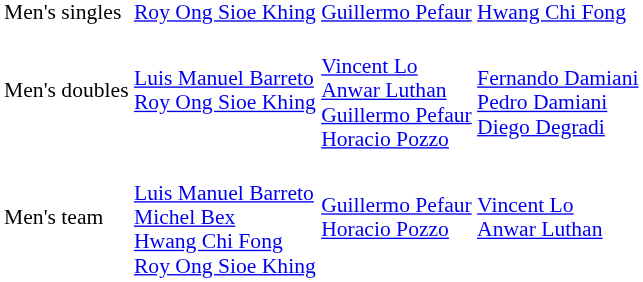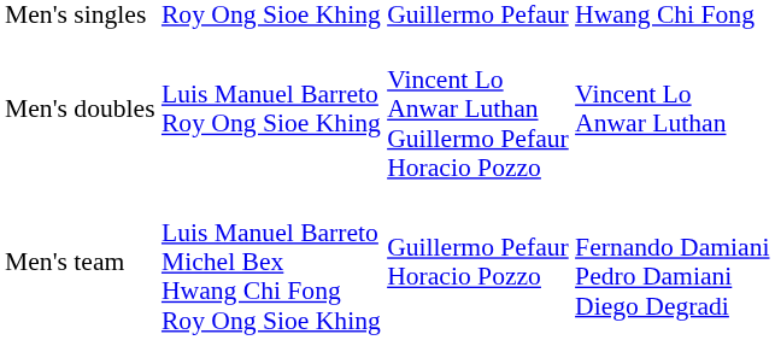 <table>
 <tr>
 <td>Men's singles</td>
 <td> <a href='#'>Roy Ong Sioe Khing</a></td>
 <td> <a href='#'>Guillermo Pefaur</a></td>
 <td> <a href='#'>Hwang Chi Fong</a></td>
 </tr>
 <tr>
 <td>Men's doubles</td>
 <td> <a href='#'>Luis Manuel Barreto</a><br> <a href='#'>Roy Ong Sioe Khing</a></td>
 <td align="left"><br><a href='#'>Vincent Lo</a><br><a href='#'>Anwar Luthan</a><br><a href='#'>Guillermo Pefaur</a><br><a href='#'>Horacio Pozzo</a></td>
-<td align="left"><br><a href='#'>Fernando Damiani</a><br><a href='#'>Pedro Damiani</a><br><a href='#'>Diego Degradi</a></td>
+<td> <a href='#'>Vincent Lo</a><br> <a href='#'>Anwar Luthan</a></td>
 </tr>
 <tr>
 <td>Men's team</td>
 <td align="left"><br><a href='#'>Luis Manuel Barreto</a><br><a href='#'>Michel Bex</a><br><a href='#'>Hwang Chi Fong</a><br><a href='#'>Roy Ong Sioe Khing</a></td>
 <td> <a href='#'>Guillermo Pefaur</a><br> <a href='#'>Horacio Pozzo</a></td>
-<td> <a href='#'>Vincent Lo</a><br> <a href='#'>Anwar Luthan</a></td>
+<td align="left"><br><a href='#'>Fernando Damiani</a><br><a href='#'>Pedro Damiani</a><br><a href='#'>Diego Degradi</a></td>
 </tr>
 </table>
